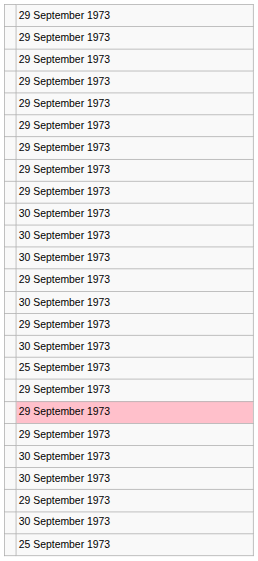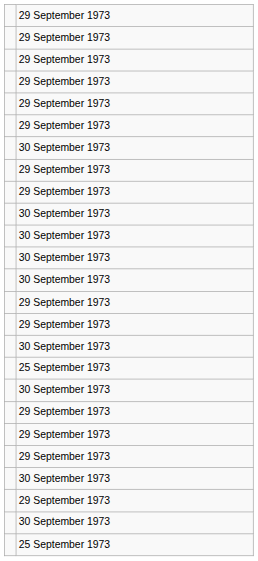 <table class="wikitable" style="font-size: 89%; float: left; width: 24em; margin-right: 1em; line-height: 1.65em">
-<tr>
-<td></td>
-<td>29 September 1973</td>
-</tr>
-<tr>
-<td></td>
-<td>29 September 1973</td>
-</tr>
-<tr>
-<td></td>
-<td>29 September 1973</td>
-</tr>
 <tr>
 <td></td>
 <td>29 September 1973</td>
 </tr>
 <tr>
 <td></td>
 <td>29 September 1973</td>
 </tr>
 <tr>
 <td></td>
 <td>29 September 1973</td>
 </tr>
 <tr>
 <td></td>
 <td>29 September 1973</td>
 </tr>
 <tr>
 <td></td>
 <td>29 September 1973</td>
 </tr>
 <tr>
 <td></td>
 <td>29 September 1973</td>
 </tr>
 <tr>
 <td></td>
 <td>30 September 1973</td>
 </tr>
 <tr>
 <td></td>
+<td>29 September 1973</td>
+</tr>
+<tr>
+<td></td>
+<td>29 September 1973</td>
+</tr>
+<tr>
+<td></td>
 <td>30 September 1973</td>
 </tr>
 <tr>
 <td></td>
 <td>30 September 1973</td>
+</tr>
+<tr>
+<td></td>
+<td>30 September 1973</td>
+</tr>
+<tr>
+<td></td>
+<td>30 September 1973</td>
+</tr>
+<tr>
+<td></td>
+<td>29 September 1973</td>
+</tr>
+<tr>
+<td></td>
+<td>29 September 1973</td>
+</tr>
+<tr>
+<td></td>
+<td>30 September 1973</td>
+</tr>
+<tr>
+<td></td>
+<td>25 September 1973</td>
+</tr>
+<tr>
+<td></td>
+<td>30 September 1973</td>
+</tr>
+<tr>
+<td></td>
+<td>29 September 1973</td>
+</tr>
+<tr>
+<td></td>
+<td>29 September 1973</td>
 </tr>
 <tr>
 <td></td>
 <td>29 September 1973</td>
 </tr>
 <tr>
 <td></td>
 <td>30 September 1973</td>
 </tr>
 <tr>
 <td></td>
 <td>29 September 1973</td>
 </tr>
 <tr>
 <td></td>
 <td>30 September 1973</td>
 </tr>
 <tr>
 <td></td>
 <td>25 September 1973</td>
 </tr>
-<tr>
-<td></td>
-<td>29 September 1973</td>
-</tr>
-<tr>
-<td></td>
-<td style="background: pink;">29 September 1973</td>
-</tr>
-<tr>
-<td></td>
-<td>29 September 1973</td>
-</tr>
-<tr>
-<td></td>
-<td>30 September 1973</td>
-</tr>
-<tr>
-<td></td>
-<td>30 September 1973</td>
-</tr>
-<tr>
-<td></td>
-<td>29 September 1973</td>
-</tr>
-<tr>
-<td></td>
-<td>30 September 1973</td>
-</tr>
-<tr>
-<td></td>
-<td>25 September 1973</td>
-</tr>
 </table>
